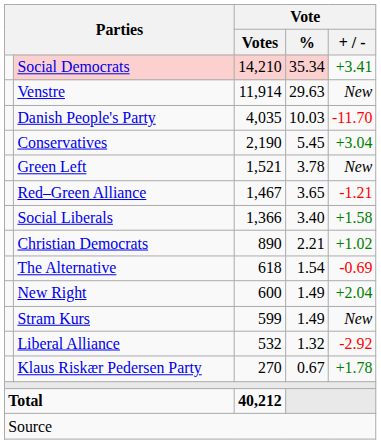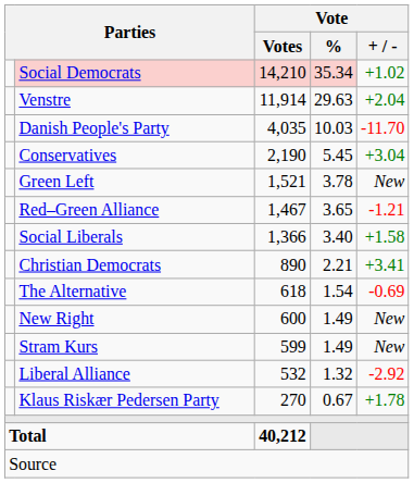 <table class="wikitable" style="text-align:right;">
 <tr>
 <th style="text-align:centre;" rowspan="2" colspan="2" width="225">Parties</th>
 <th colspan="3">Vote</th>
 </tr>
 <tr>
 <th width="15">Votes</th>
 <th width="15">%</th>
 <th width="15">+ / -</th>
 </tr>
 <tr>
 <td width="2" style="color:inherit;background:"></td>
 <td bgcolor=#fbd0ce  align="left"><a href='#'>Social Democrats</a></td>
 <td bgcolor=#fbd0ce>14,210</td>
 <td bgcolor=#fbd0ce>35.34</td>
-<td style=color:green;>+3.41</td>
+<td style=color:green;>+1.02</td>
 </tr>
 <tr>
 <td width="2" style="color:inherit;background:"></td>
 <td align="left"><a href='#'>Venstre</a></td>
 <td>11,914</td>
 <td>29.63</td>
-<td><em>New</em></td>
+<td style=color:green;>+2.04</td>
 </tr>
 <tr>
 <td width="2" style="color:inherit;background:"></td>
 <td align="left"><a href='#'>Danish People's Party</a></td>
 <td>4,035</td>
 <td>10.03</td>
 <td style=color:red;>-11.70</td>
 </tr>
 <tr>
 <td width="2" style="color:inherit;background:"></td>
 <td align="left"><a href='#'>Conservatives</a></td>
 <td>2,190</td>
 <td>5.45</td>
 <td style=color:green;>+3.04</td>
 </tr>
 <tr>
 <td width="2" style="color:inherit;background:"></td>
 <td align="left"><a href='#'>Green Left</a></td>
 <td>1,521</td>
 <td>3.78</td>
 <td><em>New</em></td>
 </tr>
 <tr>
 <td width="2" style="color:inherit;background:"></td>
 <td align="left"><a href='#'>Red–Green Alliance</a></td>
 <td>1,467</td>
 <td>3.65</td>
 <td style=color:red;>-1.21</td>
 </tr>
 <tr>
 <td width="2" style="color:inherit;background:"></td>
 <td align="left"><a href='#'>Social Liberals</a></td>
 <td>1,366</td>
 <td>3.40</td>
 <td style=color:green;>+1.58</td>
 </tr>
 <tr>
 <td width="2" style="color:inherit;background:"></td>
 <td align="left"><a href='#'>Christian Democrats</a></td>
 <td>890</td>
 <td>2.21</td>
-<td style=color:green;>+1.02</td>
+<td style=color:green;>+3.41</td>
 </tr>
 <tr>
 <td width="2" style="color:inherit;background:"></td>
 <td align="left"><a href='#'>The Alternative</a></td>
 <td>618</td>
 <td>1.54</td>
 <td style=color:red;>-0.69</td>
 </tr>
 <tr>
 <td width="2" style="color:inherit;background:"></td>
 <td align="left"><a href='#'>New Right</a></td>
 <td>600</td>
 <td>1.49</td>
-<td style=color:green;>+2.04</td>
+<td><em>New</em></td>
 </tr>
 <tr>
 <td width="2" style="color:inherit;background:"></td>
 <td align="left"><a href='#'>Stram Kurs</a></td>
 <td>599</td>
 <td>1.49</td>
 <td><em>New</em></td>
 </tr>
 <tr>
 <td width="2" style="color:inherit;background:"></td>
 <td align="left"><a href='#'>Liberal Alliance</a></td>
 <td>532</td>
 <td>1.32</td>
 <td style=color:red;>-2.92</td>
 </tr>
 <tr>
 <td width="2" style="color:inherit;background:"></td>
 <td align="left"><a href='#'>Klaus Riskær Pedersen Party</a></td>
 <td>270</td>
 <td>0.67</td>
 <td style=color:green;>+1.78</td>
 </tr>
 <tr>
 <td colspan="7" bgcolor="#E9E9E9"></td>
 </tr>
 <tr>
 <td align="left" colspan="2"><strong>Total</strong></td>
 <td><strong>40,212</strong></td>
 <td bgcolor="#E9E9E9" colspan="2"></td>
 </tr>
 <tr>
 <td align="left" colspan="6">Source</td>
 </tr>
 </table>
